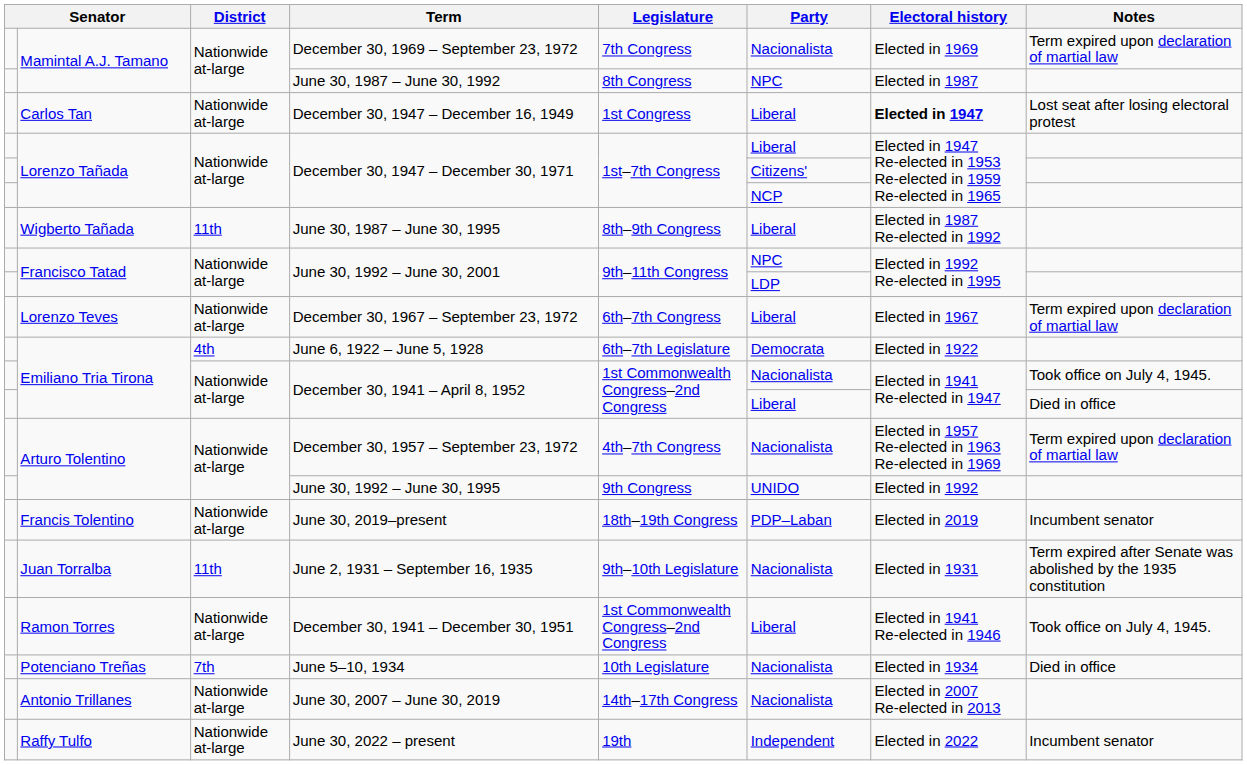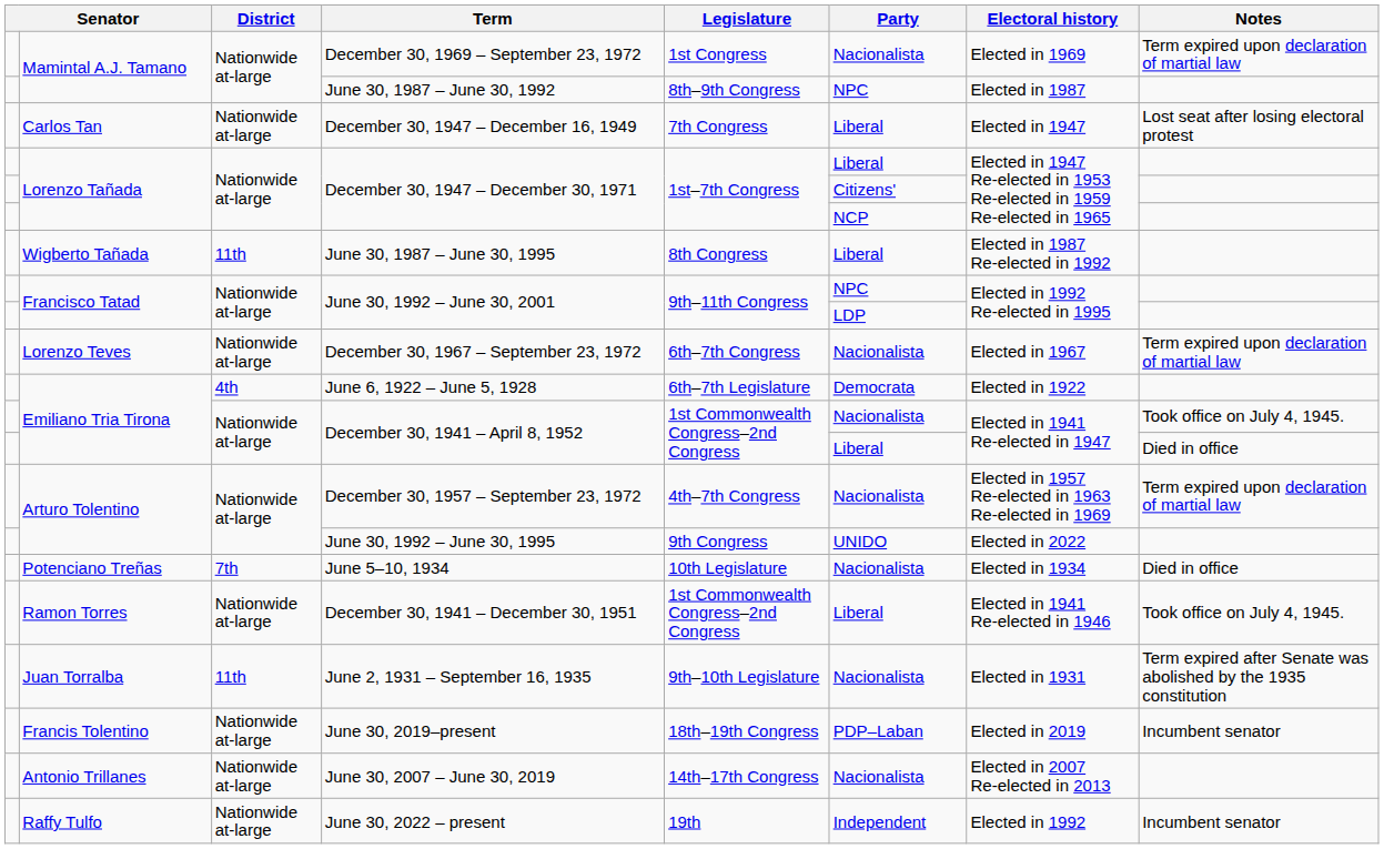 <table class="wikitable" style="font-size:95%" width=99%>
 <tr>
 <th colspan="2" width="15%">Senator</th>
 <th width="8%"><a href='#'>District</a></th>
 <th width="25%">Term</th>
 <th width="12%"><a href='#'>Legislature</a></th>
 <th width="10%"><a href='#'>Party</a></th>
 <th width="12.5%"><a href='#'>Electoral history</a></th>
 <th width="17.5%">Notes</th>
 </tr>
 <tr>
 <td width=1% style="background-color:"></td>
 <td rowspan="2"><a href='#'>Mamintal A.J. Tamano</a></td>
 <td rowspan="2">Nationwide at-large</td>
 <td>December 30, 1969 – September 23, 1972</td>
-<td><a href='#'>7th Congress</a></td>
+<td><a href='#'>1st Congress</a></td>
 <td><a href='#'>Nacionalista</a></td>
 <td>Elected in <a href='#'>1969</a></td>
 <td>Term expired upon <a href='#'>declaration of martial law</a></td>
 </tr>
 <tr>
 <td style="background-color:"></td>
 <td>June 30, 1987 – June 30, 1992</td>
-<td><a href='#'>8th Congress</a></td>
+<td><a href='#'>8th</a>–<a href='#'>9th Congress</a></td>
 <td><a href='#'>NPC</a></td>
 <td>Elected in <a href='#'>1987</a></td>
 <td></td>
 </tr>
 <tr>
 <td style="background-color:"></td>
 <td><a href='#'>Carlos Tan</a></td>
 <td>Nationwide at-large</td>
 <td>December 30, 1947 – December 16, 1949</td>
-<td><a href='#'>1st Congress</a></td>
+<td><a href='#'>7th Congress</a></td>
 <td><a href='#'>Liberal</a></td>
-<td><strong>Elected in <a href='#'>1947</a></strong></td>
+<td>Elected in <a href='#'>1947</a></td>
 <td>Lost seat after losing electoral protest</td>
 </tr>
 <tr>
 <td style="background-color:"></td>
 <td rowspan="3"><a href='#'>Lorenzo Tañada</a></td>
 <td rowspan="3">Nationwide at-large</td>
 <td rowspan="3">December 30, 1947 – December 30, 1971</td>
 <td rowspan="3"><a href='#'>1st</a>–<a href='#'>7th Congress</a></td>
 <td><a href='#'>Liberal</a></td>
 <td rowspan="3">Elected in <a href='#'>1947</a><br>Re-elected in <a href='#'>1953</a><br>Re-elected in <a href='#'>1959</a><br>Re-elected in <a href='#'>1965</a></td>
 <td></td>
 </tr>
 <tr>
 <td style="background-color:"></td>
 <td><a href='#'>Citizens'</a></td>
 <td></td>
 </tr>
 <tr>
 <td style="background-color:"></td>
 <td><a href='#'>NCP</a></td>
 <td></td>
 </tr>
 <tr>
 <td style="background-color:"></td>
 <td><a href='#'>Wigberto Tañada</a></td>
 <td><a href='#'>11th</a></td>
 <td>June 30, 1987 – June 30, 1995</td>
-<td><a href='#'>8th</a>–<a href='#'>9th Congress</a></td>
+<td><a href='#'>8th Congress</a></td>
 <td><a href='#'>Liberal</a></td>
 <td>Elected in <a href='#'>1987</a><br>Re-elected in <a href='#'>1992</a></td>
 <td></td>
 </tr>
 <tr>
 <td style="background-color:"></td>
 <td rowspan="2"><a href='#'>Francisco Tatad</a></td>
 <td rowspan="2">Nationwide at-large</td>
 <td rowspan="2">June 30, 1992 – June 30, 2001</td>
 <td rowspan="2"><a href='#'>9th</a>–<a href='#'>11th Congress</a></td>
 <td><a href='#'>NPC</a></td>
 <td rowspan="2">Elected in <a href='#'>1992</a><br>Re-elected in <a href='#'>1995</a></td>
 <td></td>
 </tr>
 <tr>
 <td style="background-color:"></td>
 <td><a href='#'>LDP</a></td>
 <td></td>
 </tr>
 <tr>
 <td style="background-color:"></td>
 <td><a href='#'>Lorenzo Teves</a></td>
 <td>Nationwide at-large</td>
 <td>December 30, 1967 – September 23, 1972</td>
 <td><a href='#'>6th</a>–<a href='#'>7th Congress</a></td>
-<td><a href='#'>Liberal</a></td>
+<td><a href='#'>Nacionalista</a></td>
 <td>Elected in <a href='#'>1967</a></td>
 <td>Term expired upon <a href='#'>declaration of martial law</a></td>
 </tr>
 <tr>
 <td style="background-color:"></td>
 <td rowspan="3"><a href='#'>Emiliano Tria Tirona</a></td>
 <td><a href='#'>4th</a></td>
 <td>June 6, 1922 – June 5, 1928</td>
 <td><a href='#'>6th</a>–<a href='#'>7th Legislature</a></td>
 <td><a href='#'>Democrata</a></td>
 <td>Elected in <a href='#'>1922</a></td>
 <td></td>
 </tr>
 <tr>
 <td style="background-color:"></td>
 <td rowspan="2">Nationwide at-large</td>
 <td rowspan="2">December 30, 1941 – April 8, 1952</td>
 <td rowspan="2"><a href='#'>1st Commonwealth Congress</a>–<a href='#'>2nd Congress</a></td>
 <td><a href='#'>Nacionalista</a></td>
 <td rowspan="2">Elected in <a href='#'>1941</a><br>Re-elected in <a href='#'>1947</a></td>
 <td>Took office on July 4, 1945.</td>
 </tr>
 <tr>
 <td style="background-color:"></td>
 <td><a href='#'>Liberal</a></td>
 <td>Died in office</td>
 </tr>
 <tr>
 <td style="background-color:"></td>
 <td rowspan="2"><a href='#'>Arturo Tolentino</a></td>
 <td rowspan="2">Nationwide at-large</td>
 <td>December 30, 1957 – September 23, 1972</td>
 <td><a href='#'>4th</a>–<a href='#'>7th Congress</a></td>
 <td><a href='#'>Nacionalista</a></td>
 <td>Elected in <a href='#'>1957</a><br>Re-elected in <a href='#'>1963</a><br>Re-elected in <a href='#'>1969</a></td>
 <td>Term expired upon <a href='#'>declaration of martial law</a></td>
 </tr>
 <tr>
 <td style="background-color:"></td>
 <td>June 30, 1992 – June 30, 1995</td>
 <td><a href='#'>9th Congress</a></td>
 <td><a href='#'>UNIDO</a></td>
-<td>Elected in <a href='#'>1992</a></td>
+<td>Elected in <a href='#'>2022</a></td>
 <td></td>
 </tr>
 <tr>
 <td style="background-color:"></td>
-<td><a href='#'>Francis Tolentino</a></td>
+<td><a href='#'>Potenciano Treñas</a></td>
+<td><a href='#'>7th</a></td>
+<td>June 5–10, 1934</td>
+<td><a href='#'>10th Legislature</a></td>
+<td><a href='#'>Nacionalista</a></td>
+<td>Elected in <a href='#'>1934</a></td>
+<td>Died in office</td>
+</tr>
+<tr>
+<td style="background-color:"></td>
+<td><a href='#'>Ramon Torres</a></td>
 <td>Nationwide at-large</td>
-<td>June 30, 2019–present</td>
-<td><a href='#'>18th</a>–<a href='#'>19th Congress</a></td>
-<td><a href='#'>PDP–Laban</a></td>
-<td>Elected in <a href='#'>2019</a></td>
-<td>Incumbent senator</td>
+<td>December 30, 1941 – December 30, 1951</td>
+<td><a href='#'>1st Commonwealth Congress</a>–<a href='#'>2nd Congress</a></td>
+<td><a href='#'>Liberal</a></td>
+<td>Elected in <a href='#'>1941</a><br>Re-elected in <a href='#'>1946</a></td>
+<td>Took office on July 4, 1945.</td>
 </tr>
 <tr>
 <td style="background-color:"></td>
 <td><a href='#'>Juan Torralba</a></td>
 <td><a href='#'>11th</a></td>
 <td>June 2, 1931 – September 16, 1935</td>
 <td><a href='#'>9th</a>–<a href='#'>10th Legislature</a></td>
 <td><a href='#'>Nacionalista</a></td>
 <td>Elected in <a href='#'>1931</a></td>
 <td>Term expired after Senate was abolished by the 1935 constitution</td>
 </tr>
 <tr>
 <td style="background-color:"></td>
-<td><a href='#'>Ramon Torres</a></td>
+<td><a href='#'>Francis Tolentino</a></td>
 <td>Nationwide at-large</td>
-<td>December 30, 1941 – December 30, 1951</td>
-<td><a href='#'>1st Commonwealth Congress</a>–<a href='#'>2nd Congress</a></td>
-<td><a href='#'>Liberal</a></td>
-<td>Elected in <a href='#'>1941</a><br>Re-elected in <a href='#'>1946</a></td>
-<td>Took office on July 4, 1945.</td>
-</tr>
-<tr>
-<td style="background-color:"></td>
-<td><a href='#'>Potenciano Treñas</a></td>
-<td><a href='#'>7th</a></td>
-<td>June 5–10, 1934</td>
-<td><a href='#'>10th Legislature</a></td>
-<td><a href='#'>Nacionalista</a></td>
-<td>Elected in <a href='#'>1934</a></td>
-<td>Died in office</td>
+<td>June 30, 2019–present</td>
+<td><a href='#'>18th</a>–<a href='#'>19th Congress</a></td>
+<td><a href='#'>PDP–Laban</a></td>
+<td>Elected in <a href='#'>2019</a></td>
+<td>Incumbent senator</td>
 </tr>
 <tr>
 <td style="background-color:"></td>
 <td><a href='#'>Antonio Trillanes</a></td>
 <td>Nationwide at-large</td>
 <td>June 30, 2007 – June 30, 2019</td>
 <td><a href='#'>14th</a>–<a href='#'>17th Congress</a></td>
 <td><a href='#'>Nacionalista</a></td>
 <td>Elected in <a href='#'>2007</a><br>Re-elected in <a href='#'>2013</a></td>
 <td></td>
 </tr>
 <tr>
 <td style="background-color:"></td>
 <td><a href='#'>Raffy Tulfo</a></td>
 <td>Nationwide at-large</td>
 <td>June 30, 2022 – present</td>
 <td><a href='#'>19th</a></td>
 <td><a href='#'>Independent</a></td>
-<td>Elected in <a href='#'>2022</a></td>
+<td>Elected in <a href='#'>1992</a></td>
 <td>Incumbent senator</td>
 </tr>
 </table>
